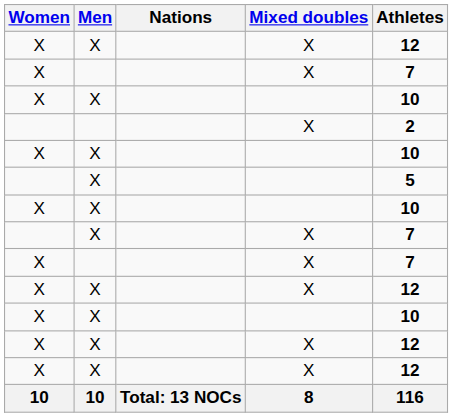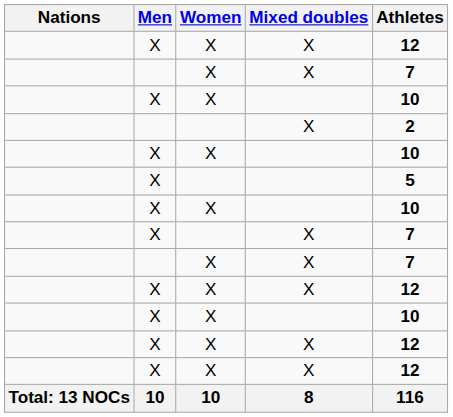 <table class="wikitable sortable" style="text-align:center;">
 <tr>
+<th>Nations</th>
+<th><a href='#'>Men</a></th>
 <th><a href='#'>Women</a></th>
-<th><a href='#'>Men</a></th>
-<th>Nations</th>
 <th><a href='#'>Mixed doubles</a></th>
 <th>Athletes</th>
 </tr>
 <tr>
+<td align="left"></td>
 <td>X</td>
 <td>X</td>
-<td align="left"></td>
 <td>X</td>
 <td><strong>12</strong></td>
 </tr>
 <tr>
+<td align="left"></td>
+<td></td>
 <td>X</td>
-<td></td>
-<td align="left"></td>
 <td>X</td>
 <td><strong>7</strong></td>
 </tr>
 <tr>
+<td align="left"></td>
 <td>X</td>
 <td>X</td>
-<td align="left"></td>
 <td></td>
 <td><strong>10</strong></td>
 </tr>
 <tr>
+<td align="left"></td>
 <td></td>
 <td></td>
-<td align="left"></td>
 <td>X</td>
 <td><strong>2</strong></td>
 </tr>
 <tr>
+<td align="left"></td>
 <td>X</td>
 <td>X</td>
-<td align="left"></td>
 <td></td>
 <td><strong>10</strong></td>
 </tr>
 <tr>
+<td align="left"></td>
+<td>X</td>
 <td></td>
-<td>X</td>
-<td align="left"></td>
 <td></td>
 <td><strong>5</strong></td>
 </tr>
 <tr>
+<td align="left"></td>
 <td>X</td>
 <td>X</td>
-<td align="left"></td>
 <td></td>
 <td><strong>10</strong></td>
 </tr>
 <tr>
+<td align="left"></td>
+<td>X</td>
 <td></td>
-<td>X</td>
-<td align="left"></td>
 <td>X</td>
 <td><strong>7</strong></td>
 </tr>
 <tr>
+<td align="left"></td>
+<td></td>
 <td>X</td>
-<td></td>
-<td align="left"></td>
 <td>X</td>
 <td><strong>7</strong></td>
 </tr>
 <tr>
+<td align="left"></td>
 <td>X</td>
 <td>X</td>
-<td align="left"></td>
 <td>X</td>
 <td><strong>12</strong></td>
 </tr>
 <tr>
+<td align="left"></td>
 <td>X</td>
 <td>X</td>
-<td align="left"></td>
 <td></td>
 <td><strong>10</strong></td>
 </tr>
 <tr>
+<td align="left"></td>
 <td>X</td>
 <td>X</td>
-<td align="left"></td>
 <td>X</td>
 <td><strong>12</strong></td>
 </tr>
 <tr>
+<td align="left"></td>
 <td>X</td>
 <td>X</td>
-<td align="left"></td>
 <td>X</td>
 <td><strong>12</strong></td>
 </tr>
 <tr>
+<th>Total: 13 NOCs</th>
 <th>10</th>
 <th>10</th>
-<th>Total: 13 NOCs</th>
 <th>8</th>
 <th>116</th>
 </tr>
 </table>
